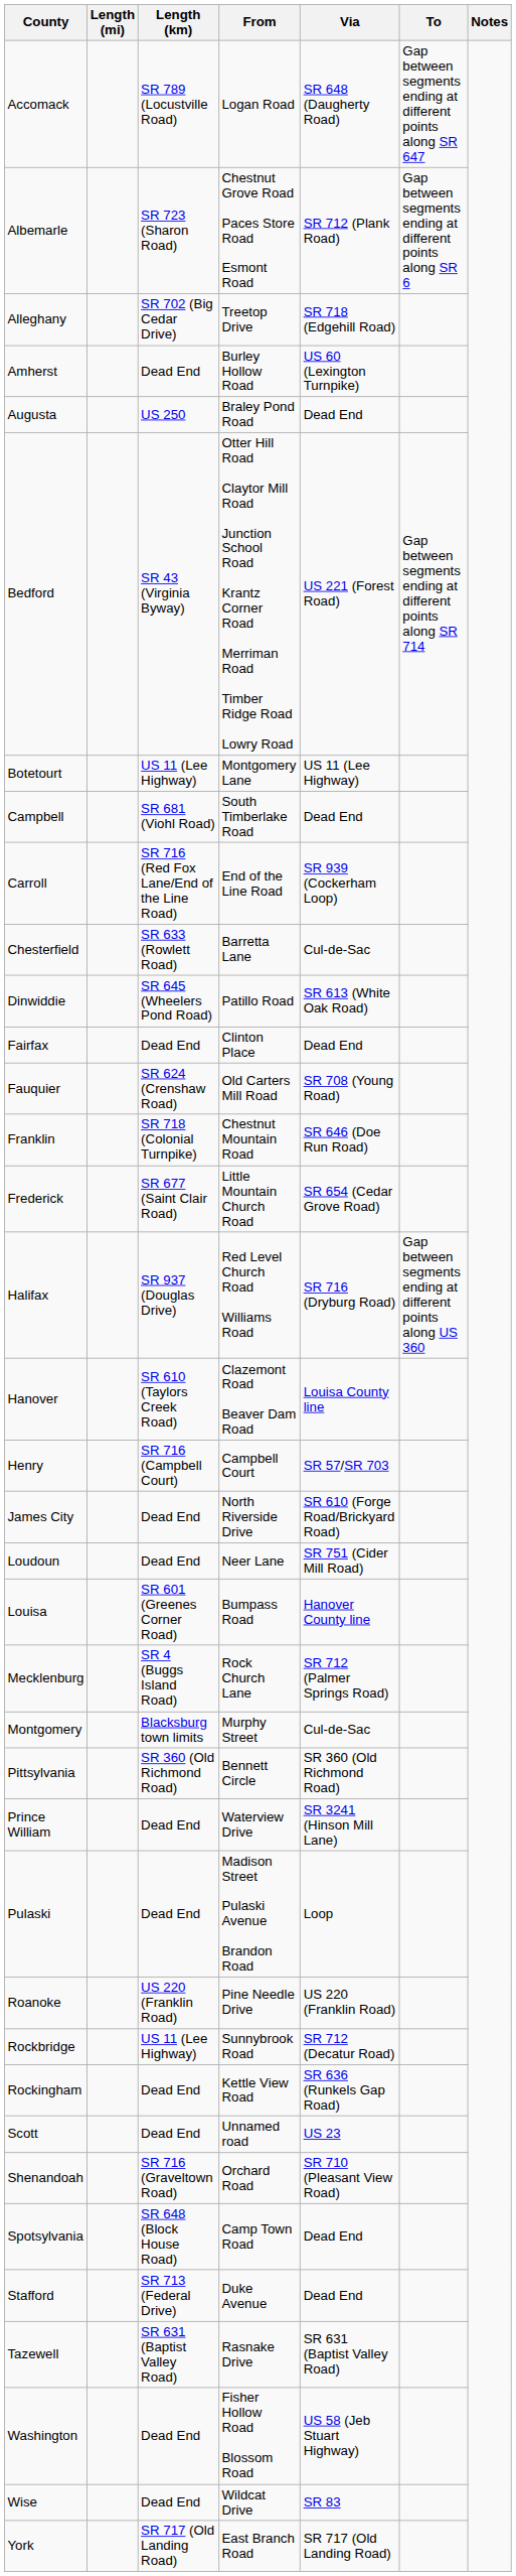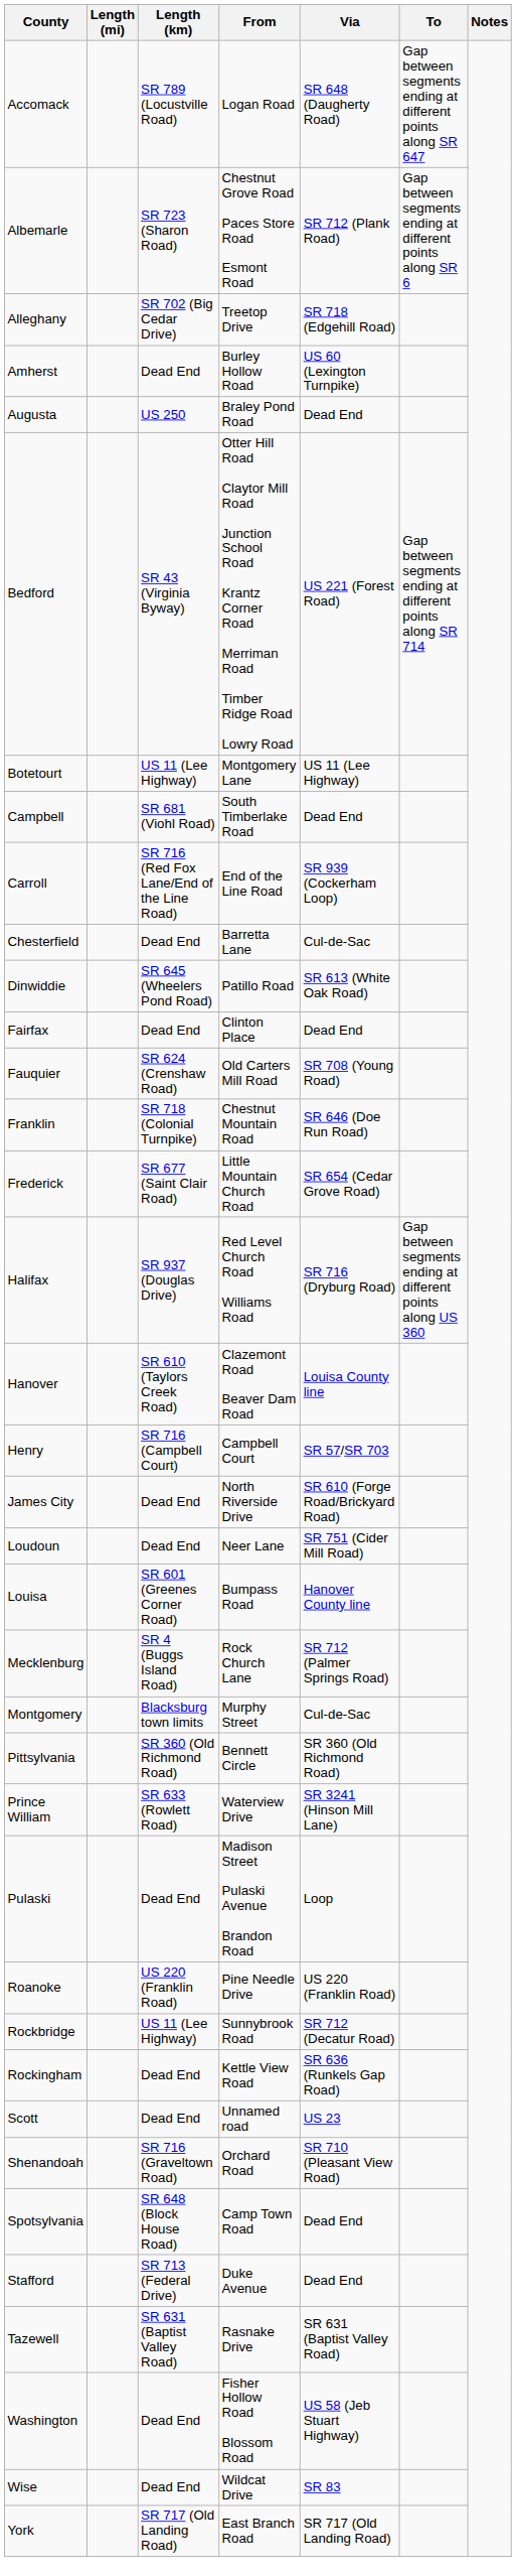 <table class="wikitable sortable">
 <tr>
 <th>County</th>
 <th>Length<br>(mi)</th>
 <th>Length<br>(km)</th>
 <th class="unsortable">From</th>
 <th class="unsortable">Via</th>
 <th class="unsortable">To</th>
 <th class="unsortable">Notes</th>
 </tr>
 <tr>
 <td id="Accomack">Accomack</td>
 <td></td>
 <td><a href='#'>SR 789</a> (Locustville Road)</td>
 <td>Logan Road</td>
 <td><a href='#'>SR 648</a> (Daugherty Road)</td>
 <td>Gap between segments ending at different points along <a href='#'>SR 647</a></td>
 </tr>
 <tr>
 <td id="Albemarle">Albemarle</td>
 <td></td>
 <td><a href='#'>SR 723</a> (Sharon Road)</td>
 <td>Chestnut Grove Road<br><br>Paces Store Road<br><br>Esmont Road</td>
 <td><a href='#'>SR 712</a> (Plank Road)</td>
 <td>Gap between segments ending at different points along <a href='#'>SR 6</a></td>
 </tr>
 <tr>
 <td id="Alleghany">Alleghany</td>
 <td></td>
 <td><a href='#'>SR 702</a> (Big Cedar Drive)</td>
 <td>Treetop Drive</td>
 <td><a href='#'>SR 718</a> (Edgehill Road)</td>
 <td><br></td>
 </tr>
 <tr>
 <td id="Amherst">Amherst</td>
 <td></td>
 <td>Dead End</td>
 <td>Burley Hollow Road</td>
 <td><a href='#'>US 60</a> (Lexington Turnpike)</td>
 <td><br> </td>
 </tr>
 <tr>
 <td id="Augusta">Augusta</td>
 <td></td>
 <td><a href='#'>US 250</a></td>
 <td>Braley Pond Road</td>
 <td>Dead End</td>
 <td><br></td>
 </tr>
 <tr>
 <td id="Bedford">Bedford</td>
 <td></td>
 <td><a href='#'>SR 43</a> (Virginia Byway)</td>
 <td>Otter Hill Road<br><br>Claytor Mill Road<br><br>Junction School Road<br><br>Krantz Corner Road<br><br>Merriman Road<br><br>Timber Ridge Road<br><br>Lowry Road</td>
 <td><a href='#'>US 221</a> (Forest Road)</td>
 <td>Gap between segments ending at different points along <a href='#'>SR 714</a><br></td>
 </tr>
 <tr>
 <td id="Botetourt">Botetourt</td>
 <td></td>
 <td><a href='#'>US 11</a> (Lee Highway)</td>
 <td>Montgomery Lane</td>
 <td>US 11 (Lee Highway)</td>
 <td><br>  </td>
 </tr>
 <tr>
 <td id="Campbell">Campbell</td>
 <td></td>
 <td><a href='#'>SR 681</a> (Viohl Road)</td>
 <td>South Timberlake Road</td>
 <td>Dead End</td>
 <td><br></td>
 </tr>
 <tr>
 <td id="Carroll">Carroll</td>
 <td></td>
 <td><a href='#'>SR 716</a> (Red Fox Lane/End of the Line Road)</td>
 <td>End of the Line Road</td>
 <td><a href='#'>SR 939</a> (Cockerham Loop)</td>
 <td><br> </td>
 </tr>
 <tr>
 <td id="Chesterfield">Chesterfield</td>
 <td></td>
-<td><a href='#'>SR 633</a> (Rowlett Road)</td>
+<td>Dead End</td>
 <td>Barretta Lane</td>
 <td>Cul-de-Sac</td>
 <td><br>    </td>
 </tr>
 <tr>
 <td id="Dinwiddie">Dinwiddie</td>
 <td></td>
 <td><a href='#'>SR 645</a> (Wheelers Pond Road)</td>
 <td>Patillo Road</td>
 <td><a href='#'>SR 613</a> (White Oak Road)</td>
 <td><br></td>
 </tr>
 <tr>
 <td id="Fairfax">Fairfax</td>
 <td></td>
 <td>Dead End</td>
 <td>Clinton Place</td>
 <td>Dead End</td>
 <td></td>
 </tr>
 <tr>
 <td id="Fauquier">Fauquier</td>
 <td></td>
 <td><a href='#'>SR 624</a> (Crenshaw Road)</td>
 <td>Old Carters Mill Road</td>
 <td><a href='#'>SR 708</a> (Young Road)</td>
 <td><br> </td>
 </tr>
 <tr>
 <td id="Franklin">Franklin</td>
 <td></td>
 <td><a href='#'>SR 718</a> (Colonial Turnpike)</td>
 <td>Chestnut Mountain Road</td>
 <td><a href='#'>SR 646</a> (Doe Run Road)</td>
 <td></td>
 </tr>
 <tr>
 <td id="Frederick">Frederick</td>
 <td></td>
 <td><a href='#'>SR 677</a> (Saint Clair Road)</td>
 <td>Little Mountain Church Road</td>
 <td><a href='#'>SR 654</a> (Cedar Grove Road)</td>
 <td><br>     </td>
 </tr>
 <tr>
 <td id="Halifax">Halifax</td>
 <td></td>
 <td><a href='#'>SR 937</a> (Douglas Drive)</td>
 <td>Red Level Church Road<br><br>Williams Road</td>
 <td><a href='#'>SR 716</a> (Dryburg Road)</td>
 <td>Gap between segments ending at different points along <a href='#'>US 360</a></td>
 </tr>
 <tr>
 <td id="Hanover">Hanover</td>
 <td></td>
 <td><a href='#'>SR 610</a> (Taylors Creek Road)</td>
 <td>Clazemont Road<br><br>Beaver Dam Road</td>
 <td><a href='#'>Louisa County line</a></td>
 <td><br></td>
 </tr>
 <tr>
 <td id="Henry">Henry</td>
 <td></td>
 <td><a href='#'>SR 716</a> (Campbell Court)</td>
 <td>Campbell Court</td>
 <td><a href='#'>SR 57</a>/<a href='#'>SR 703</a></td>
 <td><br> </td>
 </tr>
 <tr>
 <td id="James City">James City</td>
 <td></td>
 <td>Dead End</td>
 <td>North Riverside Drive</td>
 <td><a href='#'>SR 610</a> (Forge Road/Brickyard Road)</td>
 <td><br>    </td>
 </tr>
 <tr>
 <td id="Loudoun">Loudoun</td>
 <td></td>
 <td>Dead End</td>
 <td>Neer Lane</td>
 <td><a href='#'>SR 751</a> (Cider Mill Road)</td>
 <td></td>
 </tr>
 <tr>
 <td id="Louisa">Louisa</td>
 <td></td>
 <td><a href='#'>SR 601</a> (Greenes Corner Road)</td>
 <td>Bumpass Road</td>
 <td><a href='#'>Hanover County line</a></td>
 <td><br>  </td>
 </tr>
 <tr>
 <td id="Mecklenburg">Mecklenburg</td>
 <td></td>
 <td><a href='#'>SR 4</a> (Buggs Island Road)</td>
 <td>Rock Church Lane</td>
 <td><a href='#'>SR 712</a> (Palmer Springs Road)</td>
 <td><br></td>
 </tr>
 <tr>
 <td id="Montgomery">Montgomery</td>
 <td></td>
 <td><a href='#'>Blacksburg</a> town limits</td>
 <td>Murphy Street</td>
 <td>Cul-de-Sac</td>
 <td><br>       </td>
 </tr>
 <tr>
 <td id="Pittsylvania">Pittsylvania</td>
 <td></td>
 <td><a href='#'>SR 360</a> (Old Richmond Road)</td>
 <td>Bennett Circle</td>
 <td>SR 360 (Old Richmond Road)</td>
 <td><br>  </td>
 </tr>
 <tr>
 <td id="Prince William">Prince William</td>
 <td></td>
-<td>Dead End</td>
+<td><a href='#'>SR 633</a> (Rowlett Road)</td>
 <td>Waterview Drive</td>
 <td><a href='#'>SR 3241</a> (Hinson Mill Lane)</td>
 <td></td>
 </tr>
 <tr>
 <td id="Pulaski">Pulaski</td>
 <td></td>
 <td>Dead End</td>
 <td>Madison Street<br><br>Pulaski Avenue<br><br>Brandon Road</td>
 <td>Loop</td>
 <td><br> </td>
 </tr>
 <tr>
 <td id="Roanoke">Roanoke</td>
 <td></td>
 <td><a href='#'>US 220</a> (Franklin Road)</td>
 <td>Pine Needle Drive</td>
 <td>US 220 (Franklin Road)</td>
 <td></td>
 </tr>
 <tr>
 <td id="Rockbridge">Rockbridge</td>
 <td></td>
 <td><a href='#'>US 11</a> (Lee Highway)</td>
 <td>Sunnybrook Road</td>
 <td><a href='#'>SR 712</a> (Decatur Road)</td>
 <td></td>
 </tr>
 <tr>
 <td id="Rockingham">Rockingham</td>
 <td></td>
 <td>Dead End</td>
 <td>Kettle View Road</td>
 <td><a href='#'>SR 636</a> (Runkels Gap Road)</td>
 <td><br></td>
 </tr>
 <tr>
 <td id="Scott">Scott</td>
 <td></td>
 <td>Dead End</td>
 <td>Unnamed road</td>
 <td><a href='#'>US 23</a></td>
 <td></td>
 </tr>
 <tr>
 <td id="Shenandoah">Shenandoah</td>
 <td></td>
 <td><a href='#'>SR 716</a> (Graveltown Road)</td>
 <td>Orchard Road</td>
 <td><a href='#'>SR 710</a> (Pleasant View Road)</td>
 <td><br> </td>
 </tr>
 <tr>
 <td id="Spotsylvania">Spotsylvania</td>
 <td></td>
 <td><a href='#'>SR 648</a> (Block House Road)</td>
 <td>Camp Town Road</td>
 <td>Dead End</td>
 <td></td>
 </tr>
 <tr>
 <td id="Stafford">Stafford</td>
 <td></td>
 <td><a href='#'>SR 713</a> (Federal Drive)</td>
 <td>Duke Avenue</td>
 <td>Dead End</td>
 <td><br> </td>
 </tr>
 <tr>
 <td id="Tazewell">Tazewell</td>
 <td></td>
 <td><a href='#'>SR 631</a> (Baptist Valley Road)</td>
 <td>Rasnake Drive</td>
 <td>SR 631 (Baptist Valley Road)</td>
 <td><br></td>
 </tr>
 <tr>
 <td id="Washington">Washington</td>
 <td></td>
 <td>Dead End</td>
 <td>Fisher Hollow Road<br><br>Blossom Road</td>
 <td><a href='#'>US 58</a> (Jeb Stuart Highway)</td>
 <td><br></td>
 </tr>
 <tr>
 <td id="Wise">Wise</td>
 <td></td>
 <td>Dead End</td>
 <td>Wildcat Drive</td>
 <td><a href='#'>SR 83</a></td>
 <td><br></td>
 </tr>
 <tr>
 <td id="York">York</td>
 <td></td>
 <td><a href='#'>SR 717</a> (Old Landing Road)</td>
 <td>East Branch Road</td>
 <td>SR 717 (Old Landing Road)</td>
 <td></td>
 </tr>
 </table>
